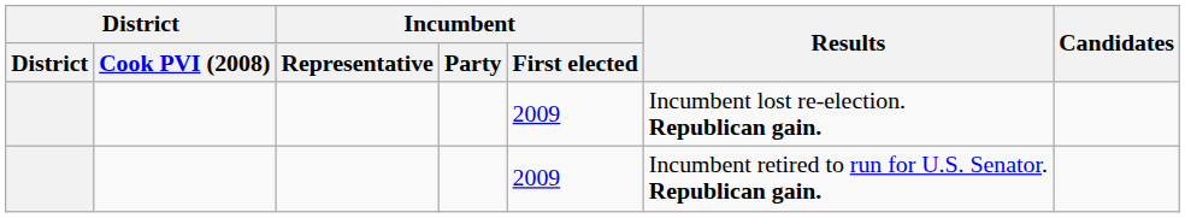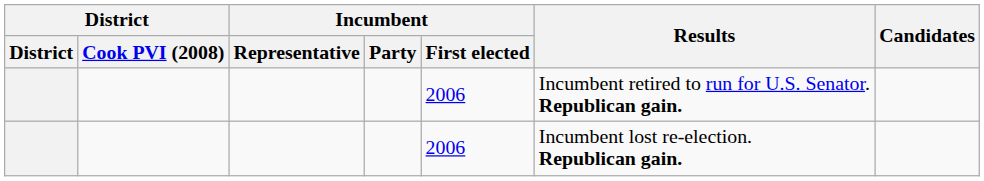 <table class="wikitable sortable">
 <tr>
 <th colspan=2>District</th>
 <th colspan=3>Incumbent</th>
 <th rowspan=2>Results</th>
 <th rowspan=2>Candidates</th>
 </tr>
 <tr valign=bottom>
 <th>District</th>
 <th><a href='#'>Cook PVI</a> (2008)</th>
 <th>Representative</th>
 <th>Party</th>
 <th>First elected</th>
 </tr>
 <tr>
 <th></th>
 <td></td>
 <td></td>
 <td></td>
-<td><a href='#'>2009</a></td>
-<td>Incumbent lost re-election.<br><strong>Republican gain.</strong></td>
+<td><a href='#'>2006</a></td>
+<td>Incumbent retired to <a href='#'>run for U.S. Senator</a>.<br><strong>Republican gain.</strong></td>
 <td nowrap></td>
 </tr>
 <tr>
 <th></th>
 <td></td>
 <td></td>
 <td></td>
-<td><a href='#'>2009</a></td>
-<td>Incumbent retired to <a href='#'>run for U.S. Senator</a>.<br><strong>Republican gain.</strong></td>
+<td><a href='#'>2006</a></td>
+<td>Incumbent lost re-election.<br><strong>Republican gain.</strong></td>
 <td nowrap></td>
 </tr>
 </table>
